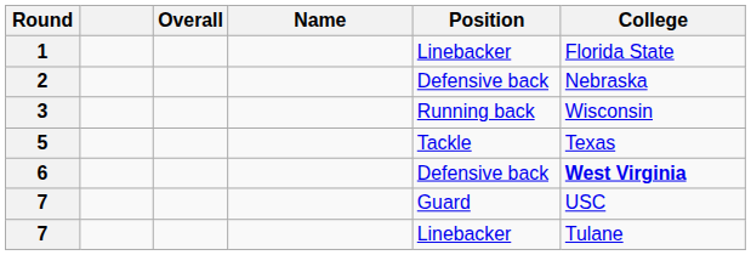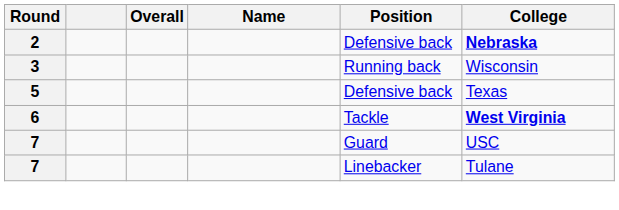 <table class="wikitable sortable">
 <tr>
 <th scope="col" style="width: 10%;">Round</th>
 <th scope="col" style="width: 10%;"></th>
 <th scope="col" style="width: 10%;">Overall</th>
 <th scope="col" style="width: 25%;">Name</th>
 <th scope="col" style="width: 20%;">Position</th>
 <th scope="col" style="width: 25%;">College</th>
 </tr>
 <tr>
-<th scope="row">1</th>
-<td></td>
-<td></td>
-<td></td>
-<td><a href='#'>Linebacker</a></td>
-<td><a href='#'>Florida State</a></td>
-</tr>
-<tr>
 <th scope="row">2</th>
 <td></td>
 <td></td>
 <td></td>
 <td><a href='#'>Defensive back</a></td>
-<td><a href='#'>Nebraska</a></td>
+<td><strong><a href='#'>Nebraska</a></strong></td>
 </tr>
 <tr>
 <th scope="row">3</th>
 <td></td>
 <td></td>
 <td></td>
 <td><a href='#'>Running back</a></td>
 <td><a href='#'>Wisconsin</a></td>
 </tr>
 <tr>
 <th scope="row">5</th>
 <td></td>
 <td></td>
 <td></td>
-<td><a href='#'>Tackle</a></td>
+<td><a href='#'>Defensive back</a></td>
 <td><a href='#'>Texas</a></td>
 </tr>
 <tr>
 <th scope="row">6</th>
 <td></td>
 <td></td>
 <td></td>
-<td><a href='#'>Defensive back</a></td>
+<td><a href='#'>Tackle</a></td>
 <td><strong><a href='#'>West Virginia</a></strong></td>
 </tr>
 <tr>
 <th scope="row">7</th>
 <td></td>
 <td></td>
 <td></td>
 <td><a href='#'>Guard</a></td>
 <td><a href='#'>USC</a></td>
 </tr>
 <tr>
 <th scope="row">7</th>
 <td></td>
 <td></td>
 <td></td>
 <td><a href='#'>Linebacker</a></td>
 <td><a href='#'>Tulane</a></td>
 </tr>
 </table>
